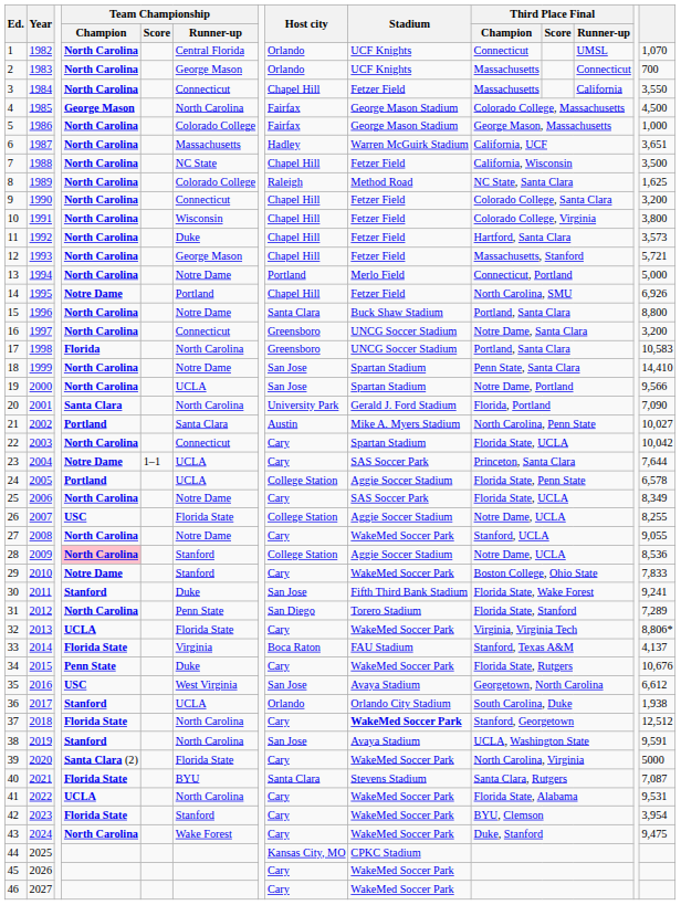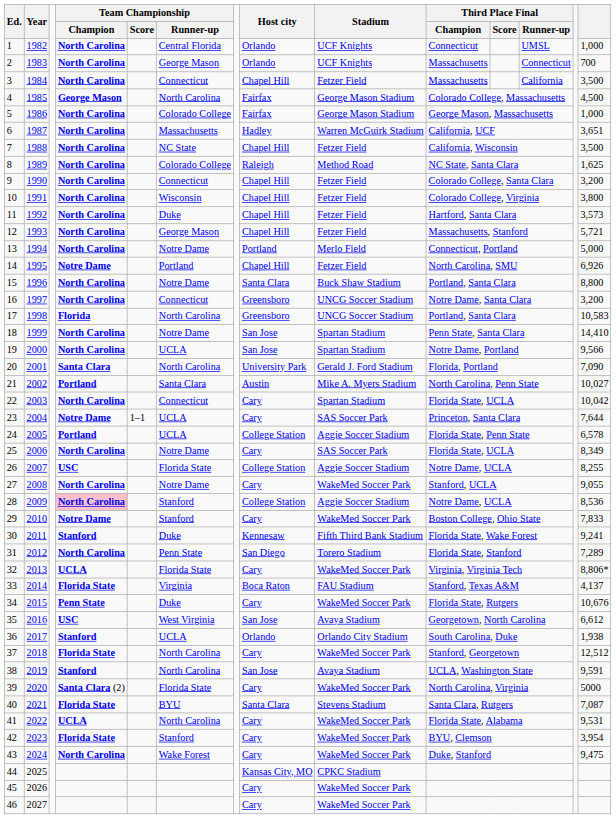 <table class="wikitable" style="font-size: 90%; width: %; text-align:;">
 <tr>
 <th rowspan="2">Ed.</th>
 <th rowspan="2">Year</th>
 <td rowspan=48 style= width:1%></td>
 <th colspan=3>Team Championship</th>
 <td rowspan=48 style= width:1%></td>
 <th rowspan="2">Host city</th>
 <th rowspan="2">Stadium</th>
 <th colspan=3>Third Place Final</th>
 <td rowspan=48 style= width: ;></td>
 <th rowspan="2"></th>
 </tr>
 <tr>
 <th>Champion</th>
 <th>Score</th>
 <th>Runner-up</th>
 <th>Champion</th>
 <th>Score</th>
 <th>Runner-up</th>
 </tr>
 <tr>
 <td>1</td>
 <td><a href='#'>1982</a></td>
 <td><strong><a href='#'>North Carolina</a></strong> </td>
 <td></td>
 <td><a href='#'>Central Florida</a></td>
 <td><a href='#'>Orlando</a></td>
 <td><a href='#'>UCF Knights</a></td>
 <td><a href='#'>Connecticut</a></td>
 <td></td>
 <td><a href='#'>UMSL</a></td>
-<td>1,070</td>
+<td>1,000</td>
 </tr>
 <tr>
 <td>2</td>
 <td><a href='#'>1983</a></td>
 <td><strong><a href='#'>North Carolina</a></strong> </td>
 <td></td>
 <td><a href='#'>George Mason</a></td>
 <td><a href='#'>Orlando</a></td>
 <td><a href='#'>UCF Knights</a></td>
 <td><a href='#'>Massachusetts</a></td>
 <td></td>
 <td><a href='#'>Connecticut</a></td>
 <td>700</td>
 </tr>
 <tr>
 <td>3</td>
 <td><a href='#'>1984</a></td>
 <td><strong><a href='#'>North Carolina</a></strong> </td>
 <td></td>
 <td><a href='#'>Connecticut</a></td>
 <td><a href='#'>Chapel Hill</a></td>
 <td><a href='#'>Fetzer Field</a></td>
 <td><a href='#'>Massachusetts</a></td>
 <td></td>
 <td><a href='#'>California</a></td>
-<td>3,550</td>
+<td>3,500</td>
 </tr>
 <tr>
 <td>4</td>
 <td><a href='#'>1985</a></td>
 <td><strong><a href='#'>George Mason</a></strong> </td>
 <td></td>
 <td><a href='#'>North Carolina</a></td>
 <td><a href='#'>Fairfax</a></td>
 <td><a href='#'>George Mason Stadium</a></td>
 <td colspan="3"><a href='#'>Colorado College</a>, <a href='#'>Massachusetts</a></td>
 <td>4,500</td>
 </tr>
 <tr>
 <td>5</td>
 <td><a href='#'>1986</a></td>
 <td><strong><a href='#'>North Carolina</a></strong> </td>
 <td></td>
 <td><a href='#'>Colorado College</a></td>
 <td><a href='#'>Fairfax</a></td>
 <td><a href='#'>George Mason Stadium</a></td>
 <td colspan="3"><a href='#'>George Mason</a>, <a href='#'>Massachusetts</a></td>
 <td>1,000</td>
 </tr>
 <tr>
 <td>6</td>
 <td><a href='#'>1987</a></td>
 <td><strong><a href='#'>North Carolina</a></strong> </td>
 <td></td>
 <td><a href='#'>Massachusetts</a></td>
 <td><a href='#'>Hadley</a></td>
 <td><a href='#'>Warren McGuirk Stadium</a></td>
 <td colspan="3"><a href='#'>California</a>, <a href='#'>UCF</a></td>
 <td>3,651</td>
 </tr>
 <tr>
 <td>7</td>
 <td><a href='#'>1988</a></td>
 <td><strong><a href='#'>North Carolina</a></strong> </td>
 <td></td>
 <td><a href='#'>NC State</a></td>
 <td><a href='#'>Chapel Hill</a></td>
 <td><a href='#'>Fetzer Field</a></td>
 <td colspan="3"><a href='#'>California</a>, <a href='#'>Wisconsin</a></td>
 <td>3,500</td>
 </tr>
 <tr>
 <td>8</td>
 <td><a href='#'>1989</a></td>
 <td><strong><a href='#'>North Carolina</a></strong> </td>
 <td></td>
 <td><a href='#'>Colorado College</a></td>
 <td><a href='#'>Raleigh</a></td>
 <td><a href='#'>Method Road</a></td>
 <td colspan="3"><a href='#'>NC State</a>, <a href='#'>Santa Clara</a></td>
 <td>1,625</td>
 </tr>
 <tr>
 <td>9</td>
 <td><a href='#'>1990</a></td>
 <td><strong><a href='#'>North Carolina</a></strong> </td>
 <td></td>
 <td><a href='#'>Connecticut</a></td>
 <td><a href='#'>Chapel Hill</a></td>
 <td><a href='#'>Fetzer Field</a></td>
 <td colspan="3"><a href='#'>Colorado College</a>, <a href='#'>Santa Clara</a></td>
 <td>3,200</td>
 </tr>
 <tr>
 <td>10</td>
 <td><a href='#'>1991</a></td>
 <td><strong><a href='#'>North Carolina</a></strong> </td>
 <td></td>
 <td><a href='#'>Wisconsin</a></td>
 <td><a href='#'>Chapel Hill</a></td>
 <td><a href='#'>Fetzer Field</a></td>
 <td colspan="3"><a href='#'>Colorado College</a>, <a href='#'>Virginia</a></td>
 <td>3,800</td>
 </tr>
 <tr>
 <td>11</td>
 <td><a href='#'>1992</a></td>
 <td><strong><a href='#'>North Carolina</a></strong> </td>
 <td></td>
 <td><a href='#'>Duke</a></td>
 <td><a href='#'>Chapel Hill</a></td>
 <td><a href='#'>Fetzer Field</a></td>
 <td colspan="3"><a href='#'>Hartford</a>, <a href='#'>Santa Clara</a></td>
 <td>3,573</td>
 </tr>
 <tr>
 <td>12</td>
 <td><a href='#'>1993</a></td>
 <td><strong><a href='#'>North Carolina</a></strong> </td>
 <td></td>
 <td><a href='#'>George Mason</a></td>
 <td><a href='#'>Chapel Hill</a></td>
 <td><a href='#'>Fetzer Field</a></td>
 <td colspan="3"><a href='#'>Massachusetts</a>, <a href='#'>Stanford</a></td>
 <td>5,721</td>
 </tr>
 <tr>
 <td>13</td>
 <td><a href='#'>1994</a></td>
 <td><strong><a href='#'>North Carolina</a></strong> </td>
 <td></td>
 <td><a href='#'>Notre Dame</a></td>
 <td><a href='#'>Portland</a></td>
 <td><a href='#'>Merlo Field</a></td>
 <td colspan="3"><a href='#'>Connecticut</a>, <a href='#'>Portland</a></td>
 <td>5,000</td>
 </tr>
 <tr>
 <td>14</td>
 <td><a href='#'>1995</a></td>
 <td><strong><a href='#'>Notre Dame</a></strong> </td>
 <td></td>
 <td><a href='#'>Portland</a></td>
 <td><a href='#'>Chapel Hill</a></td>
 <td><a href='#'>Fetzer Field</a></td>
 <td colspan="3"><a href='#'>North Carolina</a>, <a href='#'>SMU</a></td>
 <td>6,926</td>
 </tr>
 <tr>
 <td>15</td>
 <td><a href='#'>1996</a></td>
 <td><strong><a href='#'>North Carolina</a></strong> </td>
 <td></td>
 <td><a href='#'>Notre Dame</a></td>
 <td><a href='#'>Santa Clara</a></td>
 <td><a href='#'>Buck Shaw Stadium</a></td>
 <td colspan="3"><a href='#'>Portland</a>, <a href='#'>Santa Clara</a></td>
 <td>8,800</td>
 </tr>
 <tr>
 <td>16</td>
 <td><a href='#'>1997</a></td>
 <td><strong><a href='#'>North Carolina</a></strong> </td>
 <td></td>
 <td><a href='#'>Connecticut</a></td>
 <td><a href='#'>Greensboro</a></td>
 <td><a href='#'>UNCG Soccer Stadium</a></td>
 <td colspan="3"><a href='#'>Notre Dame</a>, <a href='#'>Santa Clara</a></td>
 <td>3,200</td>
 </tr>
 <tr>
 <td>17</td>
 <td><a href='#'>1998</a></td>
 <td><strong><a href='#'>Florida</a></strong> </td>
 <td></td>
 <td><a href='#'>North Carolina</a></td>
 <td><a href='#'>Greensboro</a></td>
 <td><a href='#'>UNCG Soccer Stadium</a></td>
 <td colspan="3"><a href='#'>Portland</a>, <a href='#'>Santa Clara</a></td>
 <td>10,583</td>
 </tr>
 <tr>
 <td>18</td>
 <td><a href='#'>1999</a></td>
 <td><strong><a href='#'>North Carolina</a></strong> </td>
 <td></td>
 <td><a href='#'>Notre Dame</a></td>
 <td><a href='#'>San Jose</a></td>
 <td><a href='#'>Spartan Stadium</a></td>
 <td colspan="3"><a href='#'>Penn State</a>, <a href='#'>Santa Clara</a></td>
 <td>14,410</td>
 </tr>
 <tr>
 <td>19</td>
 <td><a href='#'>2000</a></td>
 <td><strong><a href='#'>North Carolina</a></strong> </td>
 <td></td>
 <td><a href='#'>UCLA</a></td>
 <td><a href='#'>San Jose</a></td>
 <td><a href='#'>Spartan Stadium</a></td>
 <td colspan="3"><a href='#'>Notre Dame</a>, <a href='#'>Portland</a></td>
 <td>9,566</td>
 </tr>
 <tr>
 <td>20</td>
 <td><a href='#'>2001</a></td>
 <td><strong><a href='#'>Santa Clara</a></strong> </td>
 <td></td>
 <td><a href='#'>North Carolina</a></td>
 <td><a href='#'>University Park</a></td>
 <td><a href='#'>Gerald J. Ford Stadium</a></td>
 <td colspan="3"><a href='#'>Florida</a>, <a href='#'>Portland</a></td>
 <td>7,090</td>
 </tr>
 <tr>
 <td>21</td>
 <td><a href='#'>2002</a></td>
 <td><strong><a href='#'>Portland</a></strong> </td>
 <td></td>
 <td><a href='#'>Santa Clara</a></td>
 <td><a href='#'>Austin</a></td>
 <td><a href='#'>Mike A. Myers Stadium</a></td>
 <td colspan="3"><a href='#'>North Carolina</a>, <a href='#'>Penn State</a></td>
 <td>10,027</td>
 </tr>
 <tr>
 <td>22</td>
 <td><a href='#'>2003</a></td>
 <td><strong><a href='#'>North Carolina</a></strong> </td>
 <td></td>
 <td><a href='#'>Connecticut</a></td>
 <td><a href='#'>Cary</a></td>
 <td><a href='#'>Spartan Stadium</a></td>
 <td colspan="3"><a href='#'>Florida State</a>, <a href='#'>UCLA</a></td>
 <td>10,042</td>
 </tr>
 <tr>
 <td>23</td>
 <td><a href='#'>2004</a></td>
 <td><strong><a href='#'>Notre Dame</a></strong> </td>
 <td>1–1 </td>
 <td><a href='#'>UCLA</a></td>
 <td><a href='#'>Cary</a></td>
 <td><a href='#'>SAS Soccer Park</a></td>
 <td colspan="3"><a href='#'>Princeton</a>, <a href='#'>Santa Clara</a></td>
 <td>7,644</td>
 </tr>
 <tr>
 <td>24</td>
 <td><a href='#'>2005</a></td>
 <td><strong><a href='#'>Portland</a></strong> </td>
 <td></td>
 <td><a href='#'>UCLA</a></td>
 <td><a href='#'>College Station</a></td>
 <td><a href='#'>Aggie Soccer Stadium</a></td>
 <td colspan="3"><a href='#'>Florida State</a>, <a href='#'>Penn State</a></td>
 <td>6,578</td>
 </tr>
 <tr>
 <td>25</td>
 <td><a href='#'>2006</a></td>
 <td><strong><a href='#'>North Carolina</a></strong> </td>
 <td></td>
 <td><a href='#'>Notre Dame</a></td>
 <td><a href='#'>Cary</a></td>
 <td><a href='#'>SAS Soccer Park</a></td>
 <td colspan="3"><a href='#'>Florida State</a>, <a href='#'>UCLA</a></td>
 <td>8,349</td>
 </tr>
 <tr>
 <td>26</td>
 <td><a href='#'>2007</a></td>
 <td><strong><a href='#'>USC</a></strong> </td>
 <td></td>
 <td><a href='#'>Florida State</a></td>
 <td><a href='#'>College Station</a></td>
 <td><a href='#'>Aggie Soccer Stadium</a></td>
 <td colspan="3"><a href='#'>Notre Dame</a>, <a href='#'>UCLA</a></td>
 <td>8,255</td>
 </tr>
 <tr>
 <td>27</td>
 <td><a href='#'>2008</a></td>
 <td><strong><a href='#'>North Carolina</a></strong> </td>
 <td></td>
 <td><a href='#'>Notre Dame</a></td>
 <td><a href='#'>Cary</a></td>
 <td><a href='#'>WakeMed Soccer Park</a></td>
 <td colspan="3"><a href='#'>Stanford</a>, <a href='#'>UCLA</a></td>
 <td>9,055</td>
 </tr>
 <tr>
 <td>28</td>
 <td><a href='#'>2009</a></td>
 <td style="background: pink;"><strong><a href='#'>North Carolina</a></strong> </td>
 <td></td>
 <td><a href='#'>Stanford</a></td>
 <td><a href='#'>College Station</a></td>
 <td><a href='#'>Aggie Soccer Stadium</a></td>
 <td colspan="3"><a href='#'>Notre Dame</a>, <a href='#'>UCLA</a></td>
 <td>8,536</td>
 </tr>
 <tr>
 <td>29</td>
 <td><a href='#'>2010</a></td>
 <td><strong><a href='#'>Notre Dame</a></strong> </td>
 <td></td>
 <td><a href='#'>Stanford</a></td>
 <td><a href='#'>Cary</a></td>
 <td><a href='#'>WakeMed Soccer Park</a></td>
 <td colspan="3"><a href='#'>Boston College</a>, <a href='#'>Ohio State</a></td>
 <td>7,833</td>
 </tr>
 <tr>
 <td>30</td>
 <td><a href='#'>2011</a></td>
 <td><strong><a href='#'>Stanford</a></strong> </td>
 <td></td>
 <td><a href='#'>Duke</a></td>
-<td><a href='#'>San Jose</a></td>
+<td><a href='#'>Kennesaw</a></td>
 <td><a href='#'>Fifth Third Bank Stadium</a></td>
 <td colspan="3"><a href='#'>Florida State</a>, <a href='#'>Wake Forest</a></td>
 <td>9,241</td>
 </tr>
 <tr>
 <td>31</td>
 <td><a href='#'>2012</a></td>
 <td><strong><a href='#'>North Carolina</a></strong> </td>
 <td></td>
 <td><a href='#'>Penn State</a></td>
 <td><a href='#'>San Diego</a></td>
 <td><a href='#'>Torero Stadium</a></td>
 <td colspan="3"><a href='#'>Florida State</a>, <a href='#'>Stanford</a></td>
 <td>7,289</td>
 </tr>
 <tr>
 <td>32</td>
 <td><a href='#'>2013</a></td>
 <td><strong><a href='#'>UCLA</a></strong> </td>
 <td></td>
 <td><a href='#'>Florida State</a></td>
 <td><a href='#'>Cary</a></td>
 <td><a href='#'>WakeMed Soccer Park</a></td>
 <td colspan="3"><a href='#'>Virginia</a>, <a href='#'>Virginia Tech</a></td>
 <td>8,806*</td>
 </tr>
 <tr>
 <td>33</td>
 <td><a href='#'>2014</a></td>
 <td><strong><a href='#'>Florida State</a></strong> </td>
 <td></td>
 <td><a href='#'>Virginia</a></td>
 <td><a href='#'>Boca Raton</a></td>
 <td><a href='#'>FAU Stadium</a></td>
 <td colspan="3"><a href='#'>Stanford</a>, <a href='#'>Texas A&M</a></td>
 <td>4,137</td>
 </tr>
 <tr>
 <td>34</td>
 <td><a href='#'>2015</a></td>
 <td><strong><a href='#'>Penn State</a></strong> </td>
 <td></td>
 <td><a href='#'>Duke</a></td>
 <td><a href='#'>Cary</a></td>
 <td><a href='#'>WakeMed Soccer Park</a></td>
 <td colspan="3"><a href='#'>Florida State</a>, <a href='#'>Rutgers</a></td>
 <td>10,676</td>
 </tr>
 <tr>
 <td>35</td>
 <td><a href='#'>2016</a></td>
 <td><strong><a href='#'>USC</a></strong> </td>
 <td></td>
 <td><a href='#'>West Virginia</a></td>
 <td><a href='#'>San Jose</a></td>
 <td><a href='#'>Avaya Stadium</a></td>
 <td colspan="3"><a href='#'>Georgetown</a>, <a href='#'>North Carolina</a></td>
 <td>6,612</td>
 </tr>
 <tr>
 <td>36</td>
 <td><a href='#'>2017</a></td>
 <td><strong><a href='#'>Stanford</a></strong> </td>
 <td></td>
 <td><a href='#'>UCLA</a></td>
 <td><a href='#'>Orlando</a></td>
 <td><a href='#'>Orlando City Stadium</a></td>
 <td colspan="3"><a href='#'>South Carolina</a>, <a href='#'>Duke</a></td>
 <td>1,938</td>
 </tr>
 <tr>
 <td>37</td>
 <td><a href='#'>2018</a></td>
 <td><strong><a href='#'>Florida State</a></strong> </td>
 <td></td>
 <td><a href='#'>North Carolina</a></td>
 <td><a href='#'>Cary</a></td>
-<td><strong><a href='#'>WakeMed Soccer Park</a></strong></td>
+<td><a href='#'>WakeMed Soccer Park</a></td>
 <td colspan="3"><a href='#'>Stanford</a>, <a href='#'>Georgetown</a></td>
 <td>12,512</td>
 </tr>
 <tr>
 <td>38</td>
 <td><a href='#'>2019</a></td>
 <td><strong><a href='#'>Stanford</a></strong> </td>
 <td></td>
 <td><a href='#'>North Carolina</a></td>
 <td><a href='#'>San Jose</a></td>
 <td><a href='#'>Avaya Stadium</a></td>
 <td colspan="3"><a href='#'>UCLA</a>, <a href='#'>Washington State</a></td>
 <td>9,591</td>
 </tr>
 <tr>
 <td>39</td>
 <td><a href='#'>2020</a></td>
 <td><strong><a href='#'>Santa Clara</a></strong> (2)</td>
 <td></td>
 <td><a href='#'>Florida State</a></td>
 <td><a href='#'>Cary</a></td>
 <td><a href='#'>WakeMed Soccer Park</a></td>
 <td colspan="3"><a href='#'>North Carolina</a>, <a href='#'>Virginia</a></td>
 <td>5000</td>
 </tr>
 <tr>
 <td>40</td>
 <td><a href='#'>2021</a></td>
 <td><strong><a href='#'>Florida State</a></strong> </td>
 <td></td>
 <td><a href='#'>BYU</a></td>
 <td><a href='#'>Santa Clara</a></td>
 <td><a href='#'>Stevens Stadium</a></td>
 <td colspan="3"><a href='#'>Santa Clara</a>, <a href='#'>Rutgers</a></td>
 <td>7,087</td>
 </tr>
 <tr>
 <td>41</td>
 <td><a href='#'>2022</a></td>
 <td><strong><a href='#'>UCLA</a></strong> </td>
 <td></td>
 <td><a href='#'>North Carolina</a></td>
 <td><a href='#'>Cary</a></td>
 <td><a href='#'>WakeMed Soccer Park</a></td>
 <td colspan="3"><a href='#'>Florida State</a>, <a href='#'>Alabama</a></td>
 <td>9,531</td>
 </tr>
 <tr>
 <td>42</td>
 <td><a href='#'>2023</a></td>
 <td><strong><a href='#'>Florida State</a></strong> </td>
 <td></td>
 <td><a href='#'>Stanford</a></td>
 <td><a href='#'>Cary</a></td>
 <td><a href='#'>WakeMed Soccer Park</a></td>
 <td colspan=3><a href='#'>BYU</a>, <a href='#'>Clemson</a></td>
 <td>3,954</td>
 </tr>
 <tr>
 <td>43</td>
 <td><a href='#'>2024</a></td>
 <td><strong><a href='#'>North Carolina</a></strong> </td>
 <td></td>
 <td><a href='#'>Wake Forest</a></td>
 <td><a href='#'>Cary</a></td>
 <td><a href='#'>WakeMed Soccer Park</a></td>
 <td colspan=3><a href='#'>Duke</a>, <a href='#'>Stanford</a></td>
 <td>9,475</td>
 </tr>
 <tr>
 <td>44</td>
 <td>2025</td>
 <td></td>
 <td></td>
 <td></td>
 <td><a href='#'>Kansas City, MO</a></td>
 <td><a href='#'>CPKC Stadium</a></td>
 <td colspan=3></td>
 <td></td>
 </tr>
 <tr>
 <td>45</td>
 <td>2026</td>
 <td></td>
 <td></td>
 <td></td>
 <td><a href='#'>Cary</a></td>
 <td><a href='#'>WakeMed Soccer Park</a></td>
 <td colspan=3></td>
 <td></td>
 </tr>
 <tr>
 <td>46</td>
 <td>2027</td>
 <td></td>
 <td></td>
 <td></td>
 <td><a href='#'>Cary</a></td>
 <td><a href='#'>WakeMed Soccer Park</a></td>
 <td colspan=3></td>
 <td></td>
 </tr>
 </table>
